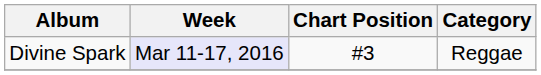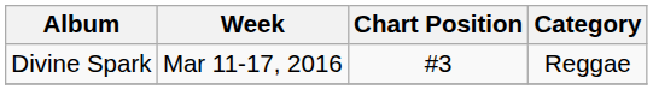 <table class="wikitable sortable" style="text-align:center;">
 <tr>
 <th>Album</th>
 <th>Week</th>
 <th>Chart Position</th>
 <th>Category</th>
 </tr>
 <tr>
 <td rowspan="1">Divine Spark</td>
-<td rowspan="1" style="background: lavender;">Mar 11-17, 2016</td>
+<td rowspan="1">Mar 11-17, 2016</td>
 <td rowspan="1">#3</td>
 <td rowspan="1">Reggae</td>
 </tr>
 <tr>
 </tr>
 </table>
